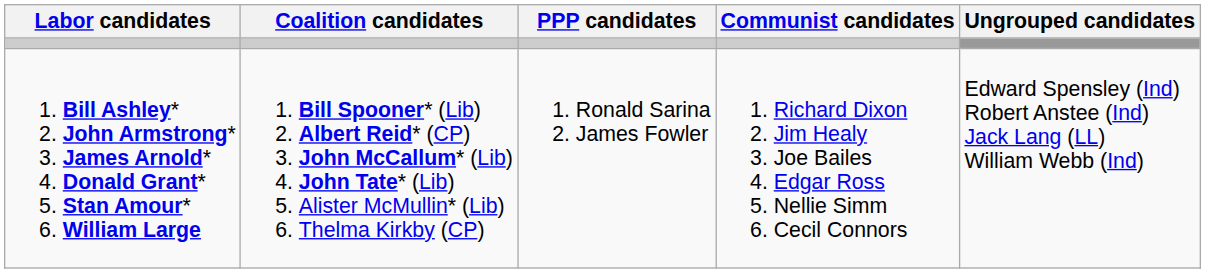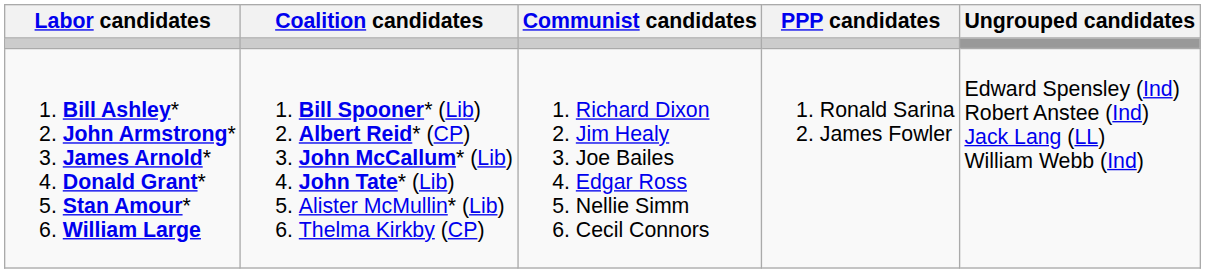 <table class="wikitable">
 <tr>
 <th><a href='#'>Labor</a> candidates</th>
 <th><a href='#'>Coalition</a> candidates</th>
+<th><a href='#'>Communist</a> candidates</th>
 <th><a href='#'>PPP</a> candidates</th>
-<th><a href='#'>Communist</a> candidates</th>
 <th>Ungrouped candidates</th>
 </tr>
 <tr bgcolor="#cccccc">
 <td></td>
 <td></td>
 <td></td>
 <td></td>
 <td bgcolor="#999999"></td>
 </tr>
 <tr>
 <td><br><ol><li><strong><a href='#'>Bill Ashley</a></strong>*</li><li><strong><a href='#'>John Armstrong</a></strong>*</li><li><strong><a href='#'>James Arnold</a></strong>*</li><li><strong><a href='#'>Donald Grant</a></strong>*</li><li><strong><a href='#'>Stan Amour</a></strong>*</li><li><strong><a href='#'>William Large</a></strong></li></ol></td>
 <td><br><ol><li><strong><a href='#'>Bill Spooner</a></strong>* (<a href='#'>Lib</a>)</li><li><strong><a href='#'>Albert Reid</a></strong>* (<a href='#'>CP</a>)</li><li><strong><a href='#'>John McCallum</a></strong>* (<a href='#'>Lib</a>)</li><li><strong><a href='#'>John Tate</a></strong>* (<a href='#'>Lib</a>)</li><li><a href='#'>Alister McMullin</a>* (<a href='#'>Lib</a>)</li><li><a href='#'>Thelma Kirkby</a> (<a href='#'>CP</a>)</li></ol></td>
+<td valign=top><br><ol><li><a href='#'>Richard Dixon</a></li><li><a href='#'>Jim Healy</a></li><li>Joe Bailes</li><li><a href='#'>Edgar Ross</a></li><li>Nellie Simm</li><li>Cecil Connors</li></ol></td>
 <td valign=top><br><ol><li>Ronald Sarina</li><li>James Fowler</li></ol></td>
-<td valign=top><br><ol><li><a href='#'>Richard Dixon</a></li><li><a href='#'>Jim Healy</a></li><li>Joe Bailes</li><li><a href='#'>Edgar Ross</a></li><li>Nellie Simm</li><li>Cecil Connors</li></ol></td>
 <td valign=top><br>Edward Spensley (<a href='#'>Ind</a>)<br> Robert Anstee (<a href='#'>Ind</a>)<br> <a href='#'>Jack Lang</a> (<a href='#'>LL</a>)<br> William Webb (<a href='#'>Ind</a>)</td>
 </tr>
 </table>
